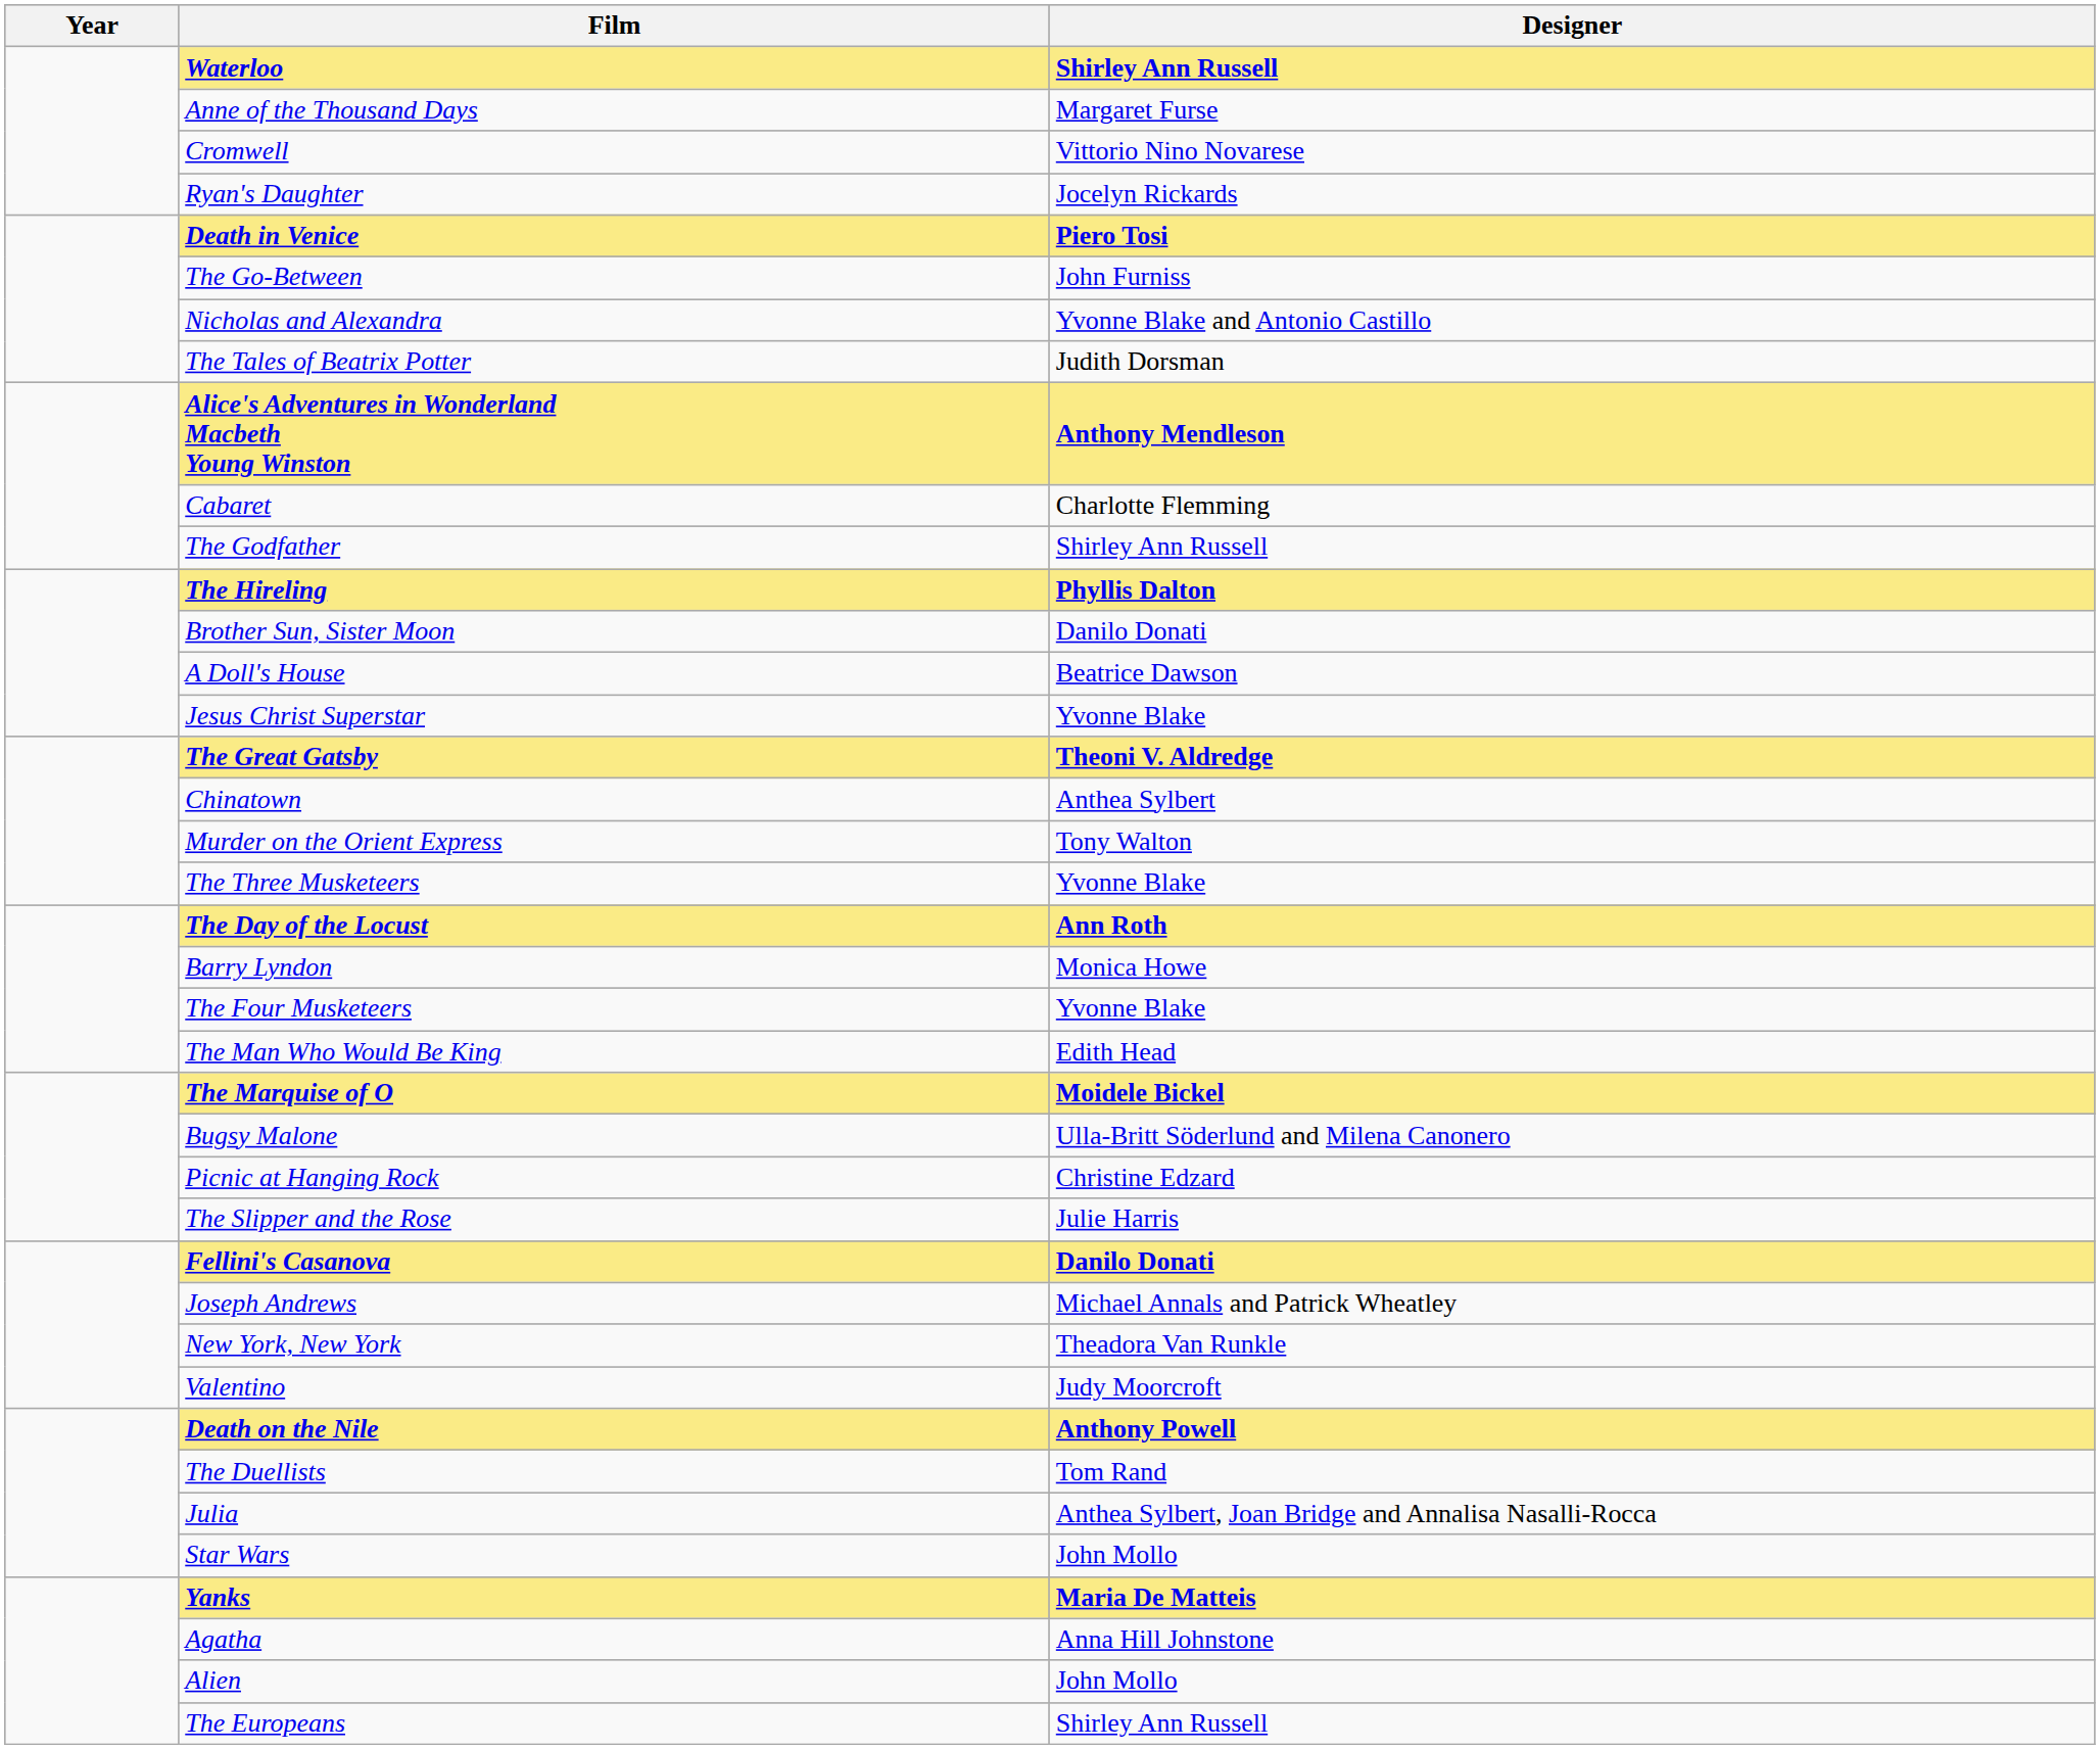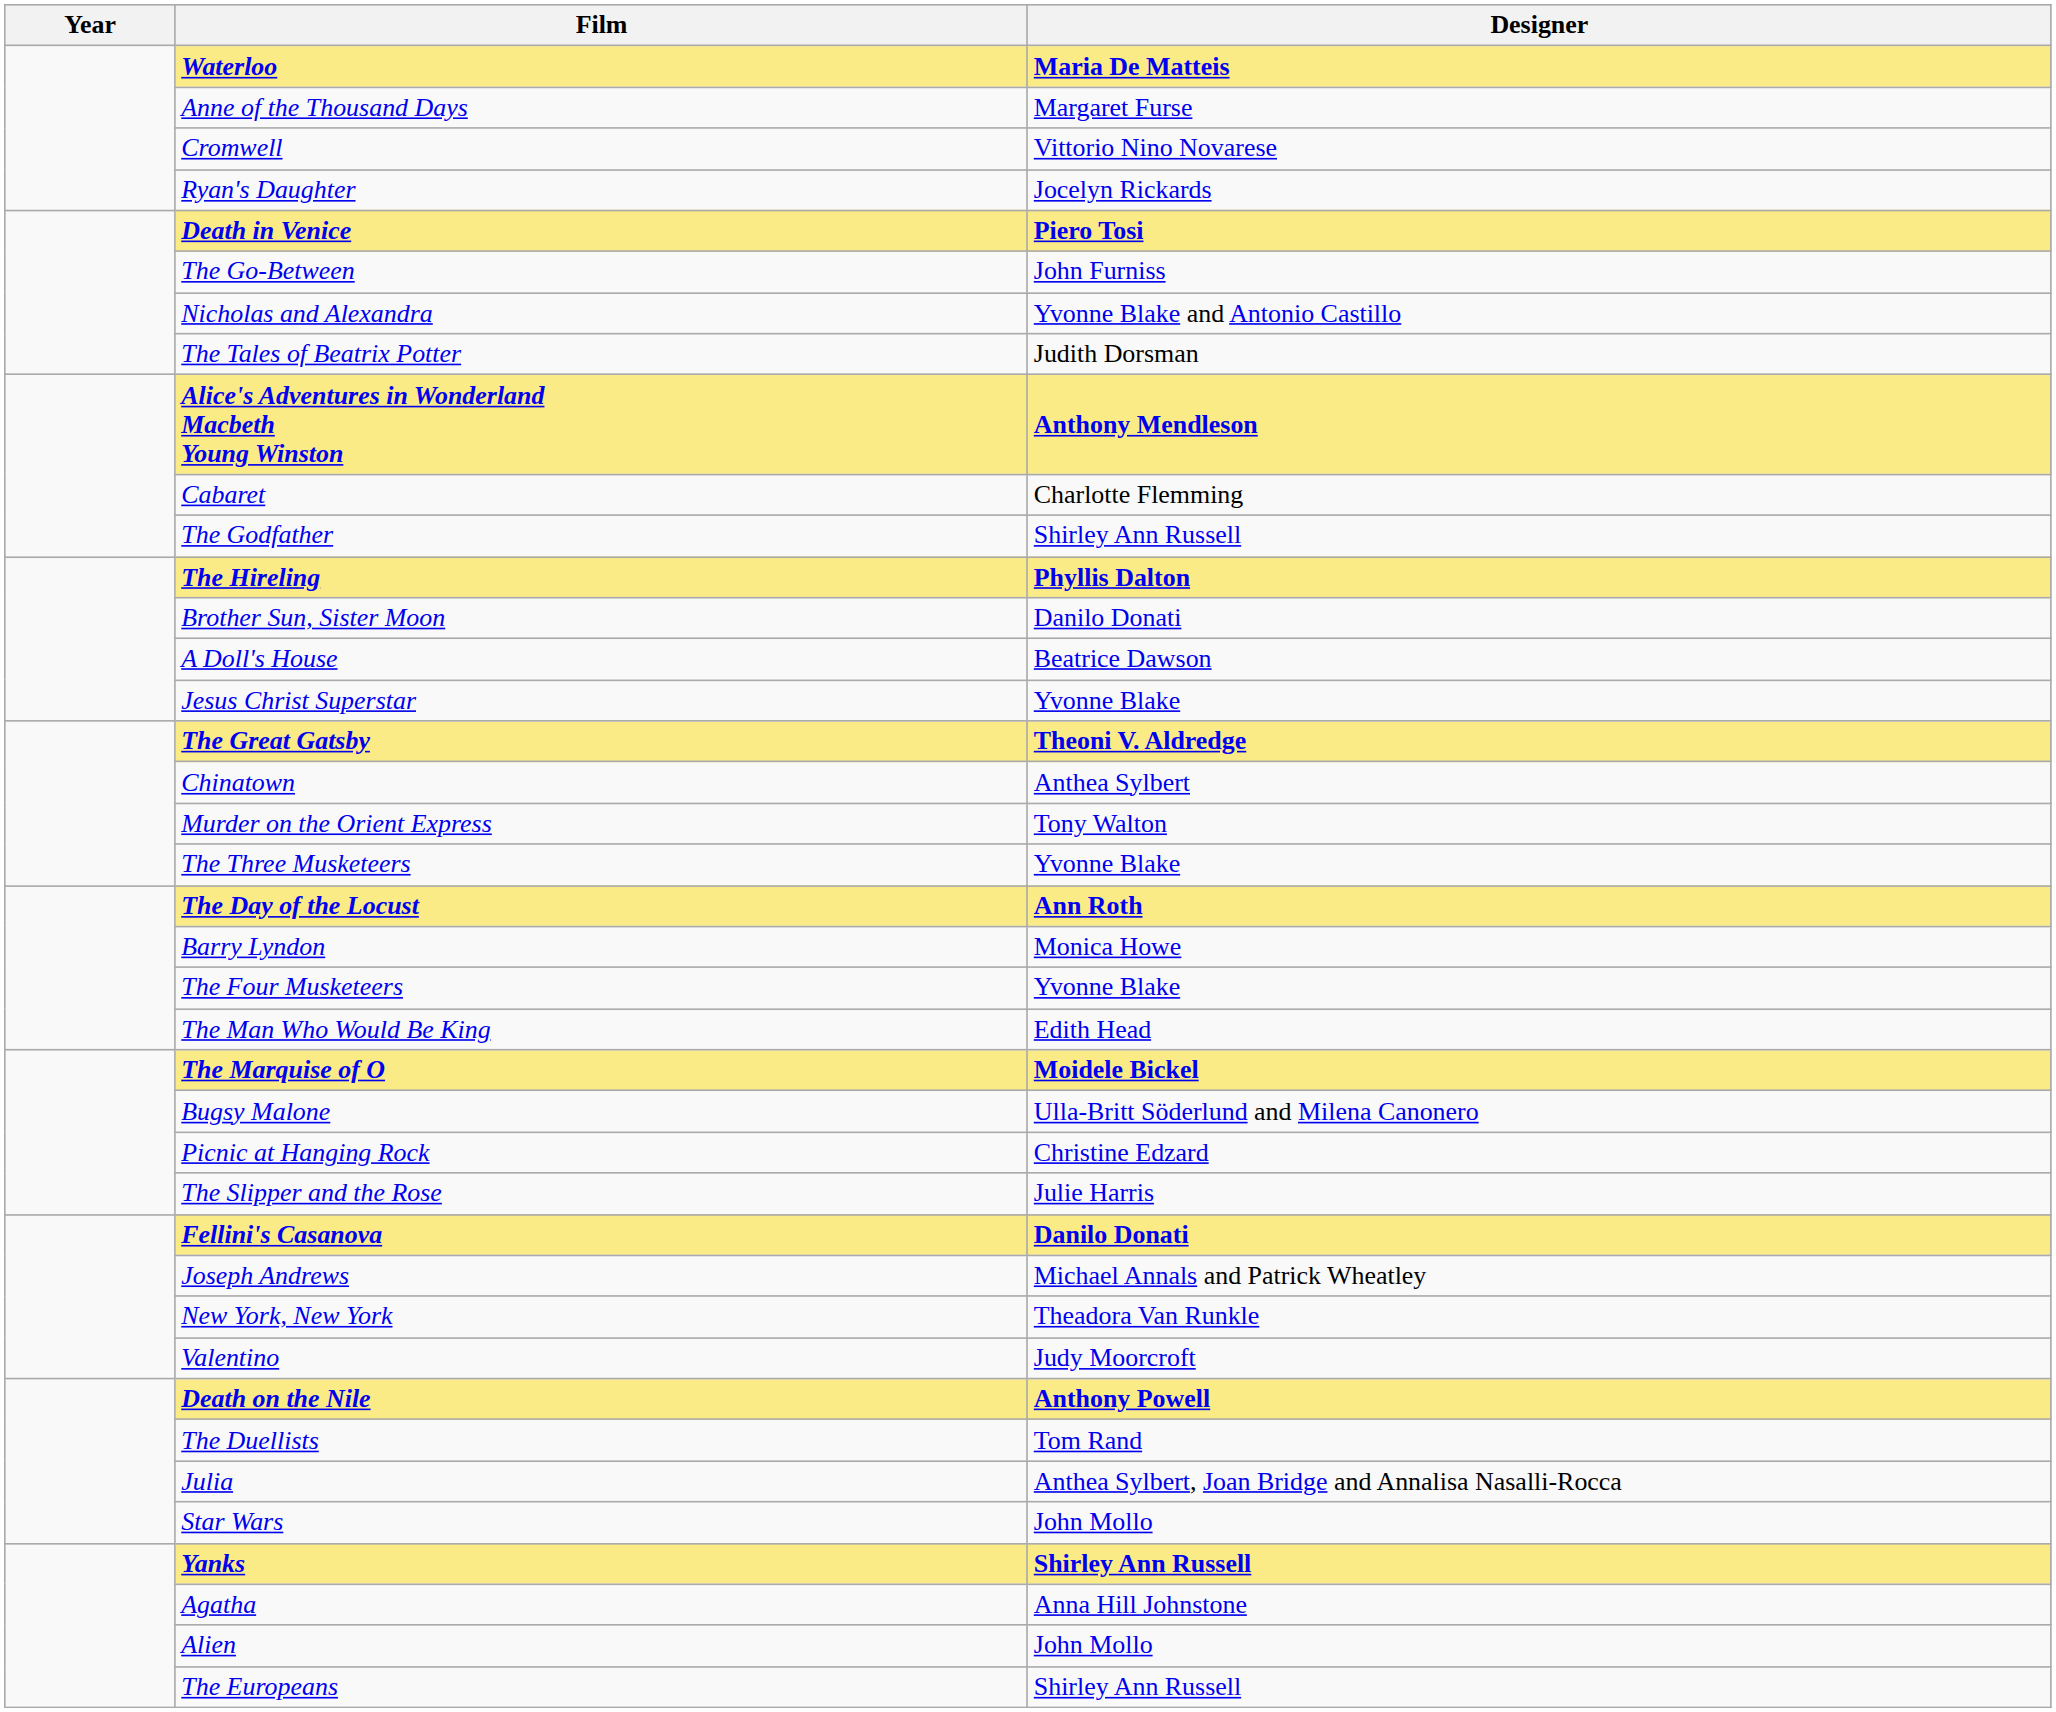 <table class="wikitable" style="width:100%;" cellpadding="5">
 <tr>
 <th style="width:5%;">Year</th>
 <th style="width:25%;">Film</th>
 <th style="width:30%;">Designer</th>
 </tr>
 <tr>
 <td rowspan="4"></td>
 <td style="background:#FAEB86"><strong><em><a href='#'>Waterloo</a></em></strong></td>
-<td style="background:#FAEB86"><strong><a href='#'>Shirley Ann Russell</a></strong></td>
+<td style="background:#FAEB86"><strong><a href='#'>Maria De Matteis</a></strong></td>
 </tr>
 <tr>
 <td><em><a href='#'>Anne of the Thousand Days</a></em></td>
 <td><a href='#'>Margaret Furse</a></td>
 </tr>
 <tr>
 <td><em><a href='#'>Cromwell</a></em></td>
 <td><a href='#'>Vittorio Nino Novarese</a></td>
 </tr>
 <tr>
 <td><em><a href='#'>Ryan's Daughter</a></em></td>
 <td><a href='#'>Jocelyn Rickards</a></td>
 </tr>
 <tr>
 <td rowspan="4"></td>
 <td style="background:#FAEB86"><strong><em><a href='#'>Death in Venice</a></em></strong></td>
 <td style="background:#FAEB86"><strong><a href='#'>Piero Tosi</a></strong></td>
 </tr>
 <tr>
 <td><em><a href='#'>The Go-Between</a></em></td>
 <td><a href='#'>John Furniss</a></td>
 </tr>
 <tr>
 <td><em><a href='#'>Nicholas and Alexandra</a></em></td>
 <td><a href='#'>Yvonne Blake</a> and <a href='#'>Antonio Castillo</a></td>
 </tr>
 <tr>
 <td><em><a href='#'>The Tales of Beatrix Potter</a></em></td>
 <td>Judith Dorsman</td>
 </tr>
 <tr>
 <td rowspan="3"></td>
 <td style="background:#FAEB86"><strong><em><a href='#'>Alice's Adventures in Wonderland</a></em></strong> <br> <strong><em><a href='#'>Macbeth</a></em></strong> <br> <strong><em><a href='#'>Young Winston</a></em></strong></td>
 <td style="background:#FAEB86"><strong><a href='#'>Anthony Mendleson</a> </strong></td>
 </tr>
 <tr>
 <td><em><a href='#'>Cabaret</a></em></td>
 <td>Charlotte Flemming</td>
 </tr>
 <tr>
 <td><em><a href='#'>The Godfather</a></em></td>
 <td><a href='#'>Shirley Ann Russell</a></td>
 </tr>
 <tr>
 <td rowspan="4"></td>
 <td style="background:#FAEB86"><strong><em><a href='#'>The Hireling</a></em></strong></td>
 <td style="background:#FAEB86"><strong><a href='#'>Phyllis Dalton</a></strong></td>
 </tr>
 <tr>
 <td><em><a href='#'>Brother Sun, Sister Moon</a></em></td>
 <td><a href='#'>Danilo Donati</a></td>
 </tr>
 <tr>
 <td><em><a href='#'>A Doll's House</a></em></td>
 <td><a href='#'>Beatrice Dawson</a></td>
 </tr>
 <tr>
 <td><em><a href='#'>Jesus Christ Superstar</a></em></td>
 <td><a href='#'>Yvonne Blake</a></td>
 </tr>
 <tr>
 <td rowspan="4"></td>
 <td style="background:#FAEB86"><strong><em><a href='#'>The Great Gatsby</a></em></strong></td>
 <td style="background:#FAEB86"><strong><a href='#'>Theoni V. Aldredge</a></strong></td>
 </tr>
 <tr>
 <td><em><a href='#'>Chinatown</a></em></td>
 <td><a href='#'>Anthea Sylbert</a></td>
 </tr>
 <tr>
 <td><em><a href='#'>Murder on the Orient Express</a></em></td>
 <td><a href='#'>Tony Walton</a></td>
 </tr>
 <tr>
 <td><em><a href='#'>The Three Musketeers</a></em></td>
 <td><a href='#'>Yvonne Blake</a></td>
 </tr>
 <tr>
 <td rowspan="4"></td>
 <td style="background:#FAEB86"><strong><em><a href='#'>The Day of the Locust</a></em></strong></td>
 <td style="background:#FAEB86"><strong><a href='#'>Ann Roth</a></strong></td>
 </tr>
 <tr>
 <td><em><a href='#'>Barry Lyndon</a></em></td>
 <td><a href='#'>Monica Howe</a></td>
 </tr>
 <tr>
 <td><em><a href='#'>The Four Musketeers</a></em></td>
 <td><a href='#'>Yvonne Blake</a></td>
 </tr>
 <tr>
 <td><em><a href='#'>The Man Who Would Be King</a></em></td>
 <td><a href='#'>Edith Head</a></td>
 </tr>
 <tr>
 <td rowspan="4"></td>
 <td style="background:#FAEB86"><strong><em><a href='#'>The Marquise of O</a></em></strong></td>
 <td style="background:#FAEB86"><strong><a href='#'>Moidele Bickel</a></strong></td>
 </tr>
 <tr>
 <td><em><a href='#'>Bugsy Malone</a></em></td>
 <td><a href='#'>Ulla-Britt Söderlund</a> and <a href='#'>Milena Canonero</a></td>
 </tr>
 <tr>
 <td><em><a href='#'>Picnic at Hanging Rock</a></em></td>
 <td><a href='#'>Christine Edzard</a></td>
 </tr>
 <tr>
 <td><em><a href='#'>The Slipper and the Rose</a></em></td>
 <td><a href='#'>Julie Harris</a></td>
 </tr>
 <tr>
 <td rowspan="4"></td>
 <td style="background:#FAEB86"><strong><em><a href='#'>Fellini's Casanova</a></em></strong></td>
 <td style="background:#FAEB86"><strong><a href='#'>Danilo Donati</a></strong></td>
 </tr>
 <tr>
 <td><em><a href='#'>Joseph Andrews</a></em></td>
 <td><a href='#'>Michael Annals</a> and Patrick Wheatley</td>
 </tr>
 <tr>
 <td><em><a href='#'>New York, New York</a></em></td>
 <td><a href='#'>Theadora Van Runkle</a></td>
 </tr>
 <tr>
 <td><em><a href='#'>Valentino</a></em></td>
 <td><a href='#'>Judy Moorcroft</a></td>
 </tr>
 <tr>
 <td rowspan="4"></td>
 <td style="background:#FAEB86"><strong><em><a href='#'>Death on the Nile</a></em></strong></td>
 <td style="background:#FAEB86"><strong><a href='#'>Anthony Powell</a></strong></td>
 </tr>
 <tr>
 <td><em><a href='#'>The Duellists</a></em></td>
 <td><a href='#'>Tom Rand</a></td>
 </tr>
 <tr>
 <td><em><a href='#'>Julia</a></em></td>
 <td><a href='#'>Anthea Sylbert</a>, <a href='#'>Joan Bridge</a> and Annalisa Nasalli-Rocca</td>
 </tr>
 <tr>
 <td><em><a href='#'>Star Wars</a></em></td>
 <td><a href='#'>John Mollo</a></td>
 </tr>
 <tr>
 <td rowspan="4"></td>
 <td style="background:#FAEB86"><strong><em><a href='#'>Yanks</a></em></strong></td>
-<td style="background:#FAEB86"><strong><a href='#'>Maria De Matteis</a></strong></td>
+<td style="background:#FAEB86"><strong><a href='#'>Shirley Ann Russell</a></strong></td>
 </tr>
 <tr>
 <td><em><a href='#'>Agatha</a></em></td>
 <td><a href='#'>Anna Hill Johnstone</a></td>
 </tr>
 <tr>
 <td><em><a href='#'>Alien</a></em></td>
 <td><a href='#'>John Mollo</a></td>
 </tr>
 <tr>
 <td><em><a href='#'>The Europeans</a></em></td>
 <td><a href='#'>Shirley Ann Russell</a></td>
 </tr>
 </table>
